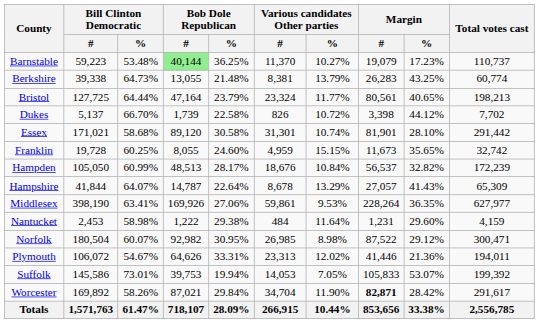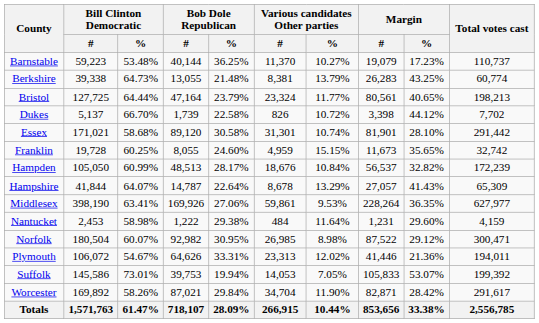 <table width="60%"  class="wikitable sortable" style="text-align:center">
 <tr>
 <th style="text-align:center;" rowspan="2">County</th>
 <th style="text-align:center;" colspan="2">Bill Clinton<br>Democratic</th>
 <th style="text-align:center;" colspan="2">Bob Dole<br>Republican</th>
 <th style="text-align:center;" colspan="2">Various candidates<br>Other parties</th>
 <th style="text-align:center;" colspan="2">Margin</th>
 <th style="text-align:center;" rowspan="2">Total votes cast</th>
 </tr>
 <tr>
 <th style="text-align:center;" data-sort-type="number">#</th>
 <th style="text-align:center;" data-sort-type="number">%</th>
 <th style="text-align:center;" data-sort-type="number">#</th>
 <th style="text-align:center;" data-sort-type="number">%</th>
 <th style="text-align:center;" data-sort-type="number">#</th>
 <th style="text-align:center;" data-sort-type="number">%</th>
 <th style="text-align:center;" data-sort-type="number">#</th>
 <th style="text-align:center;" data-sort-type="number">%</th>
 </tr>
 <tr style="text-align:center;">
 <td><a href='#'>Barnstable</a></td>
 <td>59,223</td>
 <td>53.48%</td>
-<td style="background: lightgreen;">40,144</td>
+<td>40,144</td>
 <td>36.25%</td>
 <td>11,370</td>
 <td>10.27%</td>
 <td>19,079</td>
 <td>17.23%</td>
 <td>110,737</td>
 </tr>
 <tr style="text-align:center;">
 <td><a href='#'>Berkshire</a></td>
 <td>39,338</td>
 <td>64.73%</td>
 <td>13,055</td>
 <td>21.48%</td>
 <td>8,381</td>
 <td>13.79%</td>
 <td>26,283</td>
 <td>43.25%</td>
 <td>60,774</td>
 </tr>
 <tr style="text-align:center;">
 <td><a href='#'>Bristol</a></td>
 <td>127,725</td>
 <td>64.44%</td>
 <td>47,164</td>
 <td>23.79%</td>
 <td>23,324</td>
 <td>11.77%</td>
 <td>80,561</td>
 <td>40.65%</td>
 <td>198,213</td>
 </tr>
 <tr style="text-align:center;">
 <td><a href='#'>Dukes</a></td>
 <td>5,137</td>
 <td>66.70%</td>
 <td>1,739</td>
 <td>22.58%</td>
 <td>826</td>
 <td>10.72%</td>
 <td>3,398</td>
 <td>44.12%</td>
 <td>7,702</td>
 </tr>
 <tr style="text-align:center;">
 <td><a href='#'>Essex</a></td>
 <td>171,021</td>
 <td>58.68%</td>
 <td>89,120</td>
 <td>30.58%</td>
 <td>31,301</td>
 <td>10.74%</td>
 <td>81,901</td>
 <td>28.10%</td>
 <td>291,442</td>
 </tr>
 <tr style="text-align:center;">
 <td><a href='#'>Franklin</a></td>
 <td>19,728</td>
 <td>60.25%</td>
 <td>8,055</td>
 <td>24.60%</td>
 <td>4,959</td>
 <td>15.15%</td>
 <td>11,673</td>
 <td>35.65%</td>
 <td>32,742</td>
 </tr>
 <tr style="text-align:center;">
 <td><a href='#'>Hampden</a></td>
 <td>105,050</td>
 <td>60.99%</td>
 <td>48,513</td>
 <td>28.17%</td>
 <td>18,676</td>
 <td>10.84%</td>
 <td>56,537</td>
 <td>32.82%</td>
 <td>172,239</td>
 </tr>
 <tr style="text-align:center;">
 <td><a href='#'>Hampshire</a></td>
 <td>41,844</td>
 <td>64.07%</td>
 <td>14,787</td>
 <td>22.64%</td>
 <td>8,678</td>
 <td>13.29%</td>
 <td>27,057</td>
 <td>41.43%</td>
 <td>65,309</td>
 </tr>
 <tr style="text-align:center;">
 <td><a href='#'>Middlesex</a></td>
 <td>398,190</td>
 <td>63.41%</td>
 <td>169,926</td>
 <td>27.06%</td>
 <td>59,861</td>
 <td>9.53%</td>
 <td>228,264</td>
 <td>36.35%</td>
 <td>627,977</td>
 </tr>
 <tr style="text-align:center;">
 <td><a href='#'>Nantucket</a></td>
 <td>2,453</td>
 <td>58.98%</td>
 <td>1,222</td>
 <td>29.38%</td>
 <td>484</td>
 <td>11.64%</td>
 <td>1,231</td>
 <td>29.60%</td>
 <td>4,159</td>
 </tr>
 <tr style="text-align:center;">
 <td><a href='#'>Norfolk</a></td>
 <td>180,504</td>
 <td>60.07%</td>
 <td>92,982</td>
 <td>30.95%</td>
 <td>26,985</td>
 <td>8.98%</td>
 <td>87,522</td>
 <td>29.12%</td>
 <td>300,471</td>
 </tr>
 <tr style="text-align:center;">
 <td><a href='#'>Plymouth</a></td>
 <td>106,072</td>
 <td>54.67%</td>
 <td>64,626</td>
 <td>33.31%</td>
 <td>23,313</td>
 <td>12.02%</td>
 <td>41,446</td>
 <td>21.36%</td>
 <td>194,011</td>
 </tr>
 <tr style="text-align:center;">
 <td><a href='#'>Suffolk</a></td>
 <td>145,586</td>
 <td>73.01%</td>
 <td>39,753</td>
 <td>19.94%</td>
 <td>14,053</td>
 <td>7.05%</td>
 <td>105,833</td>
 <td>53.07%</td>
 <td>199,392</td>
 </tr>
 <tr style="text-align:center;">
 <td><a href='#'>Worcester</a></td>
 <td>169,892</td>
 <td>58.26%</td>
 <td>87,021</td>
 <td>29.84%</td>
 <td>34,704</td>
 <td>11.90%</td>
-<td><strong>82,871</strong></td>
+<td>82,871</td>
 <td>28.42%</td>
 <td>291,617</td>
 </tr>
 <tr>
 <th>Totals</th>
 <th>1,571,763</th>
 <th>61.47%</th>
 <th>718,107</th>
 <th>28.09%</th>
 <th>266,915</th>
 <th>10.44%</th>
 <th>853,656</th>
 <th>33.38%</th>
 <th>2,556,785</th>
 </tr>
 </table>
